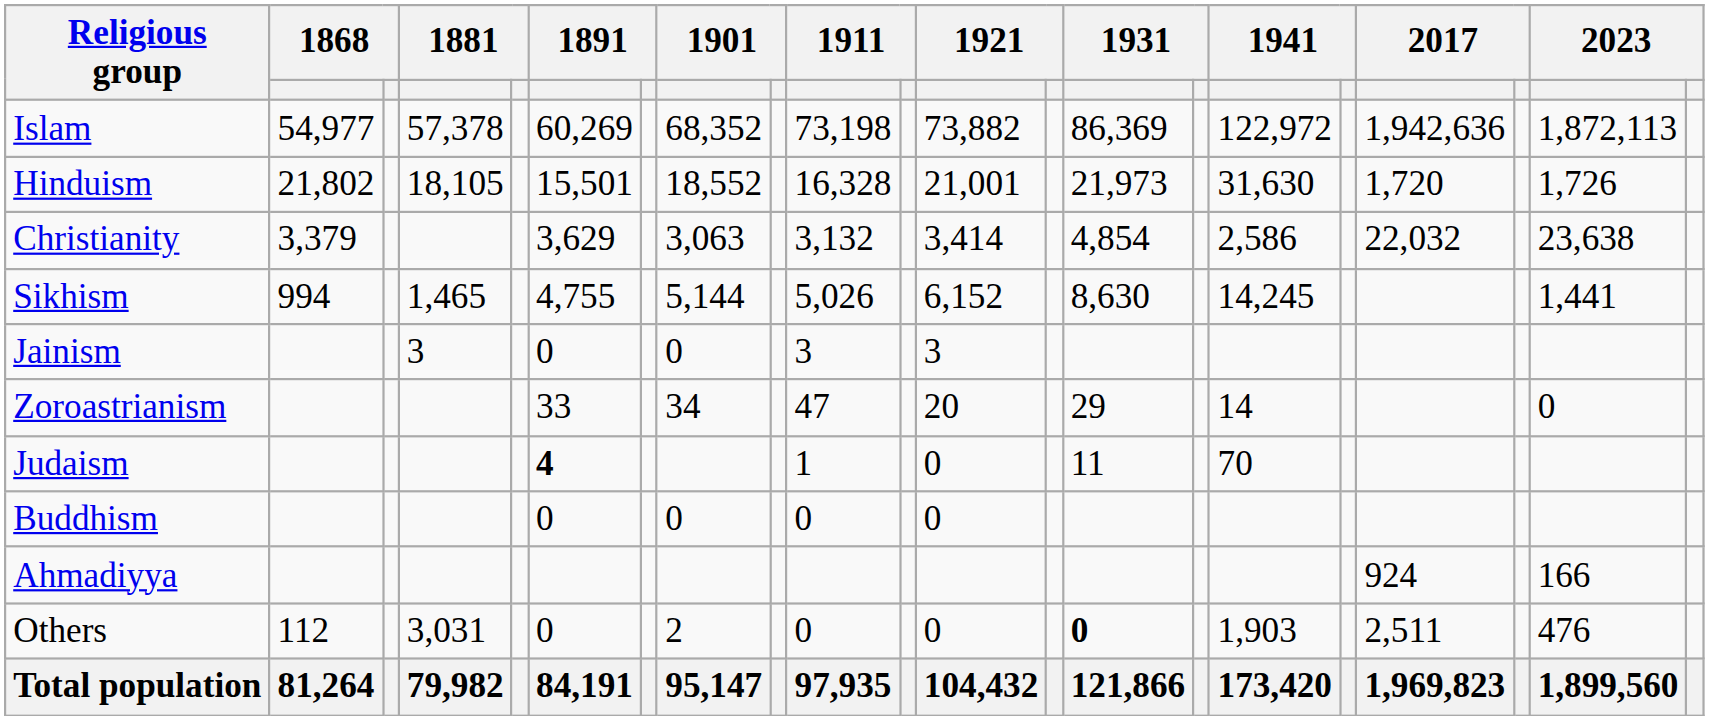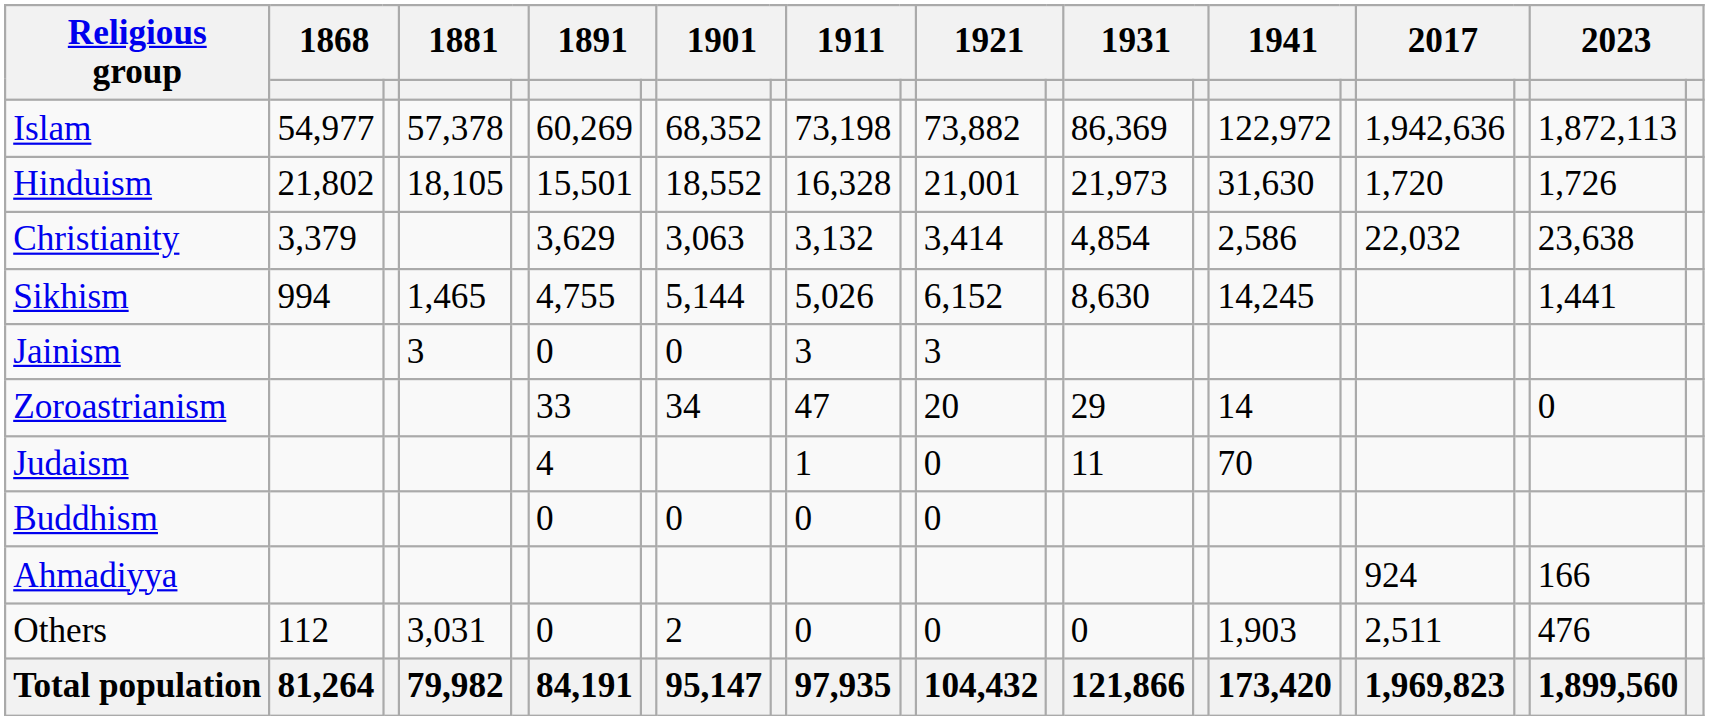 <table class="wikitable sortable">
 <tr>
 <th rowspan="2"><a href='#'>Religious</a><br>group</th>
 <th colspan="2">1868</th>
 <th colspan="2">1881</th>
 <th colspan="2">1891</th>
 <th colspan="2">1901</th>
 <th colspan="2">1911</th>
 <th colspan="2">1921</th>
 <th colspan="2">1931</th>
 <th colspan="2">1941</th>
 <th colspan="2">2017</th>
 <th colspan="2">2023</th>
 </tr>
 <tr>
 <th><a href='#'></a></th>
 <th></th>
 <th></th>
 <th></th>
 <th></th>
 <th></th>
 <th></th>
 <th></th>
 <th></th>
 <th></th>
 <th></th>
 <th></th>
 <th></th>
 <th></th>
 <th></th>
 <th></th>
 <th></th>
 <th></th>
 <th></th>
 <th></th>
 </tr>
 <tr>
 <td><a href='#'>Islam</a> </td>
 <td>54,977</td>
 <td></td>
 <td>57,378</td>
 <td></td>
 <td>60,269</td>
 <td></td>
 <td>68,352</td>
 <td></td>
 <td>73,198</td>
 <td></td>
 <td>73,882</td>
 <td></td>
 <td>86,369</td>
 <td></td>
 <td>122,972</td>
 <td></td>
 <td>1,942,636</td>
 <td></td>
 <td>1,872,113</td>
 <td></td>
 </tr>
 <tr>
 <td><a href='#'>Hinduism</a> </td>
 <td>21,802</td>
 <td></td>
 <td>18,105</td>
 <td></td>
 <td>15,501</td>
 <td></td>
 <td>18,552</td>
 <td></td>
 <td>16,328</td>
 <td></td>
 <td>21,001</td>
 <td></td>
 <td>21,973</td>
 <td></td>
 <td>31,630</td>
 <td></td>
 <td>1,720</td>
 <td></td>
 <td>1,726</td>
 <td></td>
 </tr>
 <tr>
 <td><a href='#'>Christianity</a> </td>
 <td>3,379</td>
 <td></td>
 <td></td>
 <td></td>
 <td>3,629</td>
 <td></td>
 <td>3,063</td>
 <td></td>
 <td>3,132</td>
 <td></td>
 <td>3,414</td>
 <td></td>
 <td>4,854</td>
 <td></td>
 <td>2,586</td>
 <td></td>
 <td>22,032</td>
 <td></td>
 <td>23,638</td>
 <td></td>
 </tr>
 <tr>
 <td><a href='#'>Sikhism</a> </td>
 <td>994</td>
 <td></td>
 <td>1,465</td>
 <td></td>
 <td>4,755</td>
 <td></td>
 <td>5,144</td>
 <td></td>
 <td>5,026</td>
 <td></td>
 <td>6,152</td>
 <td></td>
 <td>8,630</td>
 <td></td>
 <td>14,245</td>
 <td></td>
 <td></td>
 <td></td>
 <td>1,441</td>
 <td></td>
 </tr>
 <tr>
 <td><a href='#'>Jainism</a> </td>
 <td></td>
 <td></td>
 <td>3</td>
 <td></td>
 <td>0</td>
 <td></td>
 <td>0</td>
 <td></td>
 <td>3</td>
 <td></td>
 <td>3</td>
 <td></td>
 <td></td>
 <td></td>
 <td></td>
 <td></td>
 <td></td>
 <td></td>
 <td></td>
 <td></td>
 </tr>
 <tr>
 <td><a href='#'>Zoroastrianism</a> </td>
 <td></td>
 <td></td>
 <td></td>
 <td></td>
 <td>33</td>
 <td></td>
 <td>34</td>
 <td></td>
 <td>47</td>
 <td></td>
 <td>20</td>
 <td></td>
 <td>29</td>
 <td></td>
 <td>14</td>
 <td></td>
 <td></td>
 <td></td>
 <td>0</td>
 <td></td>
 </tr>
 <tr>
 <td><a href='#'>Judaism</a> </td>
 <td></td>
 <td></td>
 <td></td>
 <td></td>
-<td><strong>4</strong></td>
+<td>4</td>
 <td></td>
 <td></td>
 <td></td>
 <td>1</td>
 <td></td>
 <td>0</td>
 <td></td>
 <td>11</td>
 <td></td>
 <td>70</td>
 <td></td>
 <td></td>
 <td></td>
 <td></td>
 <td></td>
 </tr>
 <tr>
 <td><a href='#'>Buddhism</a> </td>
 <td></td>
 <td></td>
 <td></td>
 <td></td>
 <td>0</td>
 <td></td>
 <td>0</td>
 <td></td>
 <td>0</td>
 <td></td>
 <td>0</td>
 <td></td>
 <td></td>
 <td></td>
 <td></td>
 <td></td>
 <td></td>
 <td></td>
 <td></td>
 <td></td>
 </tr>
 <tr>
 <td><a href='#'>Ahmadiyya</a> </td>
 <td></td>
 <td></td>
 <td></td>
 <td></td>
 <td></td>
 <td></td>
 <td></td>
 <td></td>
 <td></td>
 <td></td>
 <td></td>
 <td></td>
 <td></td>
 <td></td>
 <td></td>
 <td></td>
 <td>924</td>
 <td></td>
 <td>166</td>
 <td></td>
 </tr>
 <tr>
 <td>Others</td>
 <td>112</td>
 <td></td>
 <td>3,031</td>
 <td></td>
 <td>0</td>
 <td></td>
 <td>2</td>
 <td></td>
 <td>0</td>
 <td></td>
 <td>0</td>
 <td></td>
-<td><strong>0</strong></td>
+<td>0</td>
 <td></td>
 <td>1,903</td>
 <td></td>
 <td>2,511</td>
 <td></td>
 <td>476</td>
 <td></td>
 </tr>
 <tr>
 <th>Total population</th>
 <th>81,264</th>
 <th></th>
 <th>79,982</th>
 <th></th>
 <th>84,191</th>
 <th></th>
 <th>95,147</th>
 <th></th>
 <th>97,935</th>
 <th></th>
 <th>104,432</th>
 <th></th>
 <th>121,866</th>
 <th></th>
 <th>173,420</th>
 <th></th>
 <th>1,969,823</th>
 <th></th>
 <th>1,899,560</th>
 <th></th>
 </tr>
 </table>
